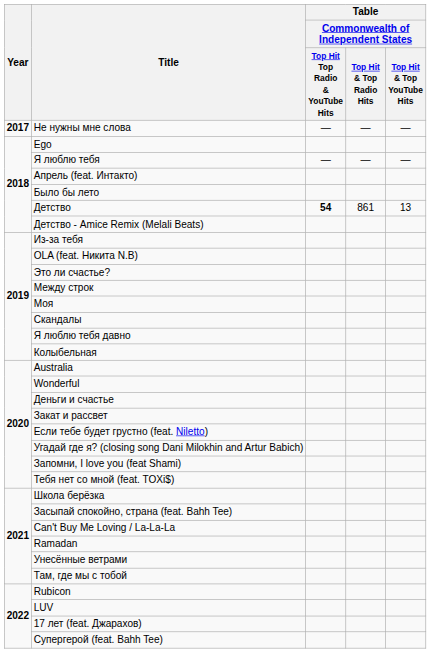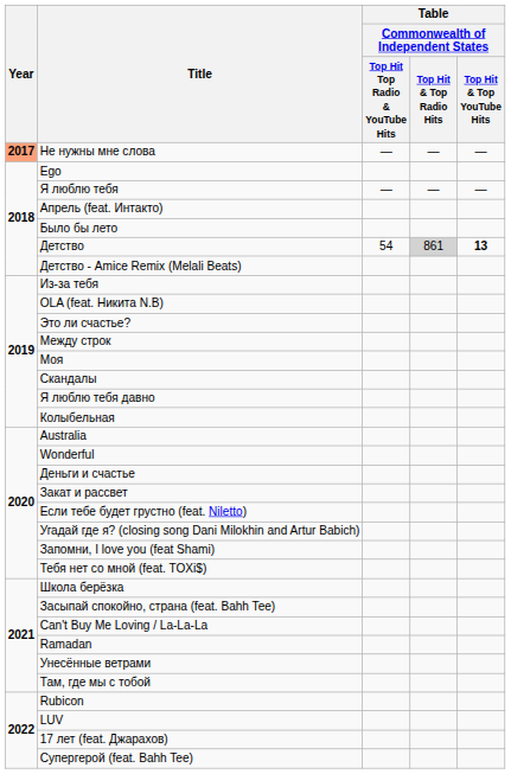 <table class="wikitable sortable mw-collapsible">
 <tr>
 <th rowspan="3">Year</th>
 <th rowspan="3">Title</th>
 <th colspan="3">Table</th>
 </tr>
 <tr>
 <th colspan="3" align="center"><a href='#'>Commonwealth of Independent States</a></th>
 </tr>
 <tr>
 <th style="width:3.5em;"><small><a href='#'>Top Hit</a><br>Top Radio<br>& YouTube Hits</small></th>
 <th style="width:3.5em;"><small><a href='#'>Top Hit</a><br>& Top Radio Hits</small></th>
 <th style="width:3.5em;"><small><a href='#'>Top Hit</a><br>& Top YouTube Hits</small></th>
 </tr>
 <tr>
-<td rowspan="1" align="center"><strong>2017</strong></td>
+<td rowspan="1" align="center" style="background: lightsalmon;"><strong>2017</strong></td>
 <td>Не нужны мне слова</td>
 <td align="center">—</td>
 <td align="center">—</td>
 <td align="center">—</td>
 </tr>
 <tr>
 <td rowspan="6" align="center"><strong>2018</strong></td>
 <td>Ego</td>
 <td align="center"></td>
 <td align="center"></td>
 <td align="center"></td>
 </tr>
 <tr>
 <td>Я люблю тебя</td>
 <td align="center">—</td>
 <td align="center">—</td>
 <td align="center">—</td>
 </tr>
 <tr>
 <td>Апрель (feat. Интакто)</td>
 <td align="center"></td>
 <td align="center"></td>
 <td align="center"></td>
 </tr>
 <tr>
 <td>Было бы лето</td>
 <td align="center"></td>
 <td align="center"></td>
 <td align="center"></td>
 </tr>
 <tr>
 <td>Детство</td>
-<td align="center"><strong>54</strong></td>
-<td align="center">861</td>
-<td align="center">13</td>
+<td align="center">54</td>
+<td align="center" style="background: lightgrey;">861</td>
+<td align="center"><strong>13</strong></td>
 </tr>
 <tr>
 <td>Детство - Amice Remix (Melali Beats)</td>
 <td align="center"></td>
 <td align="center"></td>
 <td align="center"></td>
 </tr>
 <tr>
 <td rowspan="8"><strong>2019</strong></td>
 <td>Из-за тебя</td>
 <td align="center"></td>
 <td align="center"></td>
 <td align="center"></td>
 </tr>
 <tr>
 <td>OLA (feat. Никита N.B)</td>
 <td align="center"></td>
 <td align="center"></td>
 <td align="center"></td>
 </tr>
 <tr>
 <td>Это ли счастье?</td>
 <td align="center"></td>
 <td align="center"></td>
 <td align="center"></td>
 </tr>
 <tr>
 <td>Между строк</td>
 <td align="center"></td>
 <td align="center"></td>
 <td align="center"></td>
 </tr>
 <tr>
 <td>Моя</td>
 <td align="center"></td>
 <td align="center"></td>
 <td align="center"></td>
 </tr>
 <tr>
 <td>Скандалы</td>
 <td align="center"></td>
 <td align="center"></td>
 <td align="center"></td>
 </tr>
 <tr>
 <td>Я люблю тебя давно</td>
 <td align="center"></td>
 <td align="center"></td>
 <td align="center"></td>
 </tr>
 <tr>
 <td>Колыбельная</td>
 <td align="center"></td>
 <td align="center"></td>
 <td align="center"></td>
 </tr>
 <tr>
 <td rowspan="8"><strong>2020</strong></td>
 <td>Australia</td>
 <td align="center"></td>
 <td align="center"></td>
 <td align="center"></td>
 </tr>
 <tr>
 <td>Wonderful</td>
 <td align="center"></td>
 <td align="center"></td>
 <td align="center"></td>
 </tr>
 <tr>
 <td>Деньги и счастье</td>
 <td align="center"></td>
 <td align="center"></td>
 <td align="center"></td>
 </tr>
 <tr>
 <td>Закат и рассвет</td>
 <td align="center"></td>
 <td align="center"></td>
 <td align="center"></td>
 </tr>
 <tr>
 <td>Если тебе будет грустно (feat. <a href='#'>Niletto</a>)</td>
 <td align="center"></td>
 <td align="center"></td>
 <td align="center"></td>
 </tr>
 <tr>
 <td>Угадай где я? (closing song Dani Milokhin and Artur Babich)</td>
 <td align="center"></td>
 <td align="center"></td>
 <td align="center"></td>
 </tr>
 <tr>
 <td>Запомни, I love you (feat Shami)</td>
 <td align="center"></td>
 <td align="center"></td>
 <td align="center"></td>
 </tr>
 <tr>
 <td>Тебя нет со мной (feat. TOXi$)</td>
 <td align="center"></td>
 <td align="center"></td>
 <td align="center"></td>
 </tr>
 <tr>
 <td rowspan="6"><strong>2021</strong></td>
 <td>Школа берёзка</td>
 <td align="center"></td>
 <td align="center"></td>
 <td align="center"></td>
 </tr>
 <tr>
 <td>Засыпай спокойно, страна (feat. Bahh Tee)</td>
 <td align="center"></td>
 <td align="center"></td>
 <td align="center"></td>
 </tr>
 <tr>
 <td>Can't Buy Me Loving / La-La-La</td>
 <td align="center"></td>
 <td align="center"></td>
 <td align="center"></td>
 </tr>
 <tr>
 <td>Ramadan</td>
 <td align="center"></td>
 <td align="center"></td>
 <td align="center"></td>
 </tr>
 <tr>
 <td>Унесённые ветрами</td>
 <td align="center"></td>
 <td align="center"></td>
 <td align="center"></td>
 </tr>
 <tr>
 <td>Там, где мы с тобой</td>
 <td align="center"></td>
 <td align="center"></td>
 <td align="center"></td>
 </tr>
 <tr>
 <td rowspan="4"><strong>2022</strong></td>
 <td>Rubicon</td>
 <td align="center"></td>
 <td align="center"></td>
 <td align="center"></td>
 </tr>
 <tr>
 <td>LUV</td>
 <td align="center"></td>
 <td align="center"></td>
 <td align="center"></td>
 </tr>
 <tr>
 <td>17 лет (feat. Джарахов)</td>
 <td align="center"></td>
 <td align="center"></td>
 <td align="center"></td>
 </tr>
 <tr>
 <td>Супергерой (feat. Bahh Tee)</td>
 <td align="center"></td>
 <td align="center"></td>
 <td align="center"></td>
 </tr>
 </table>
